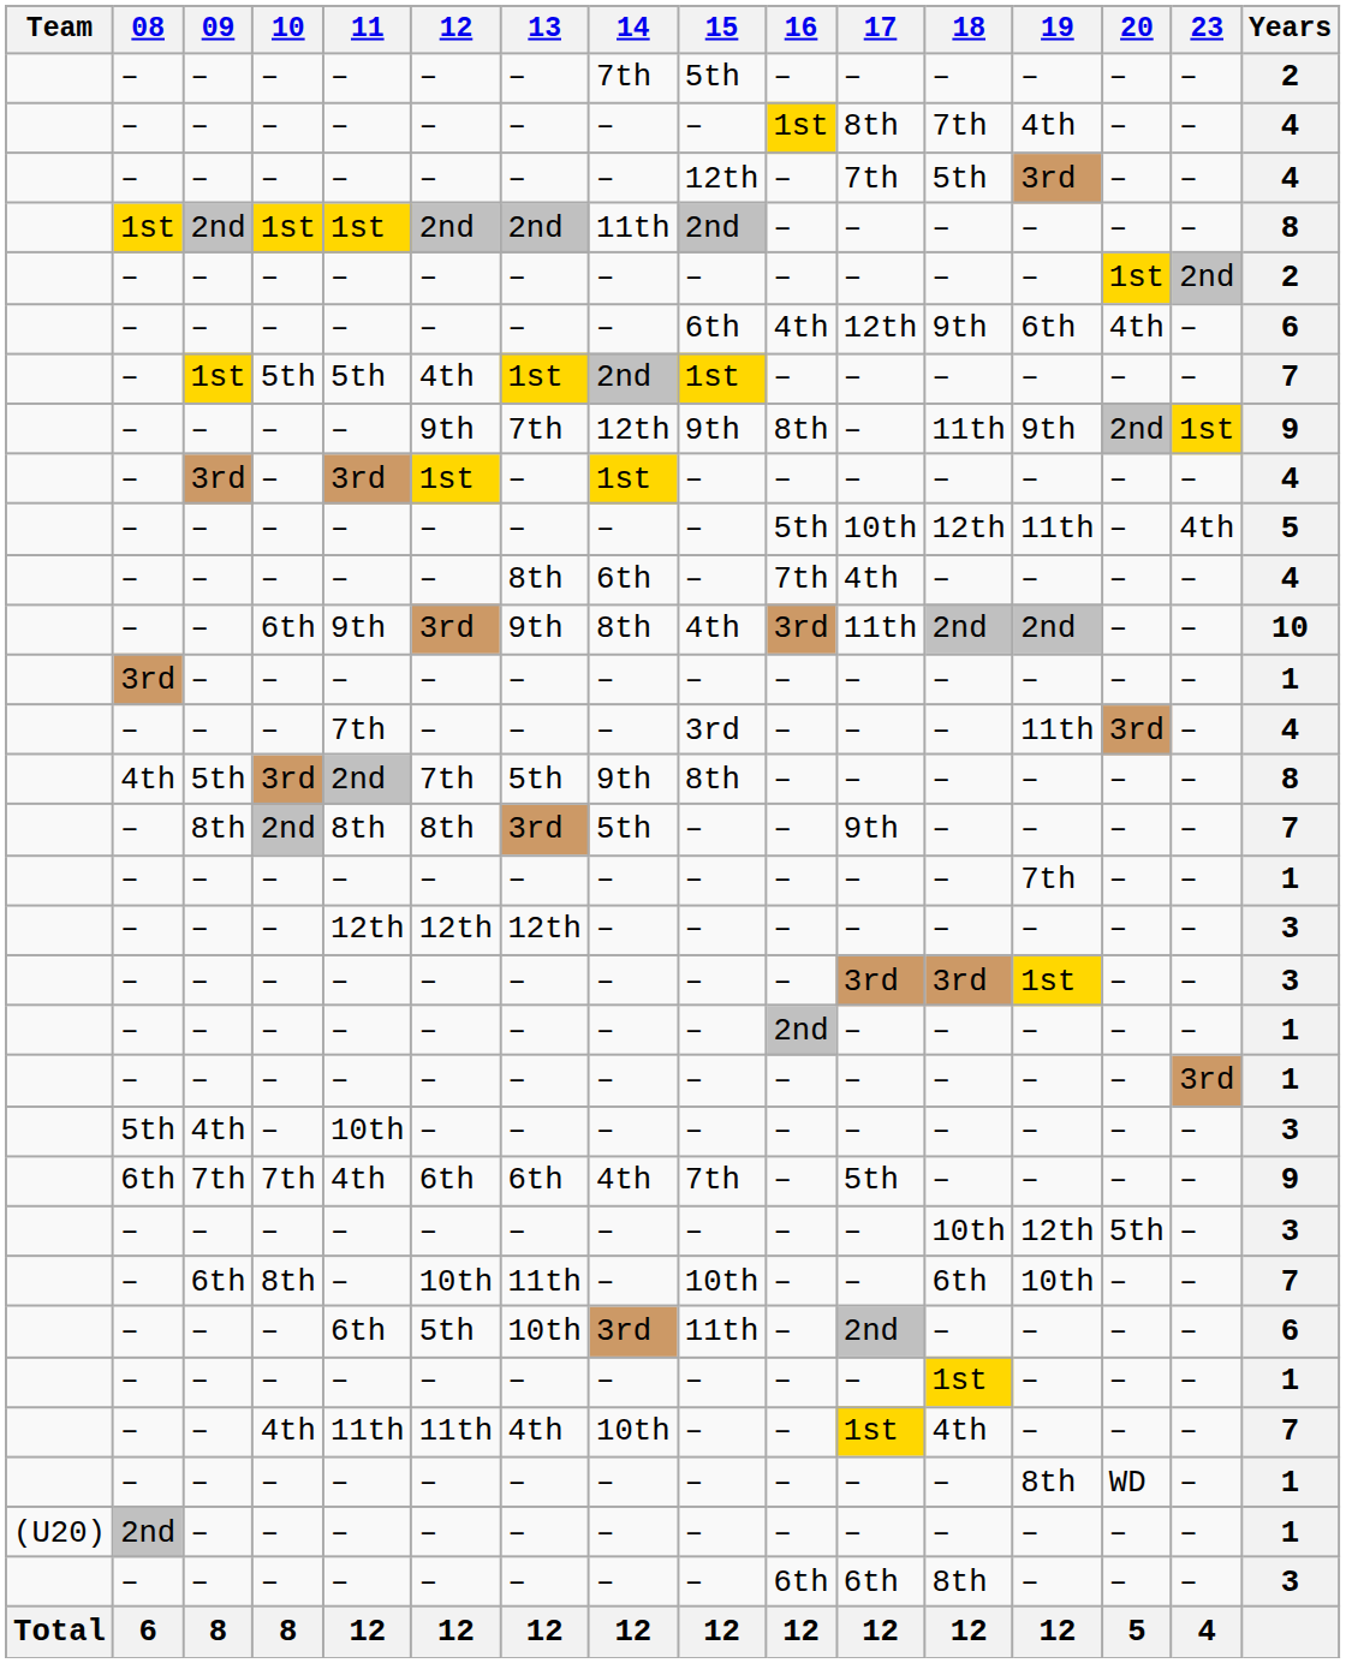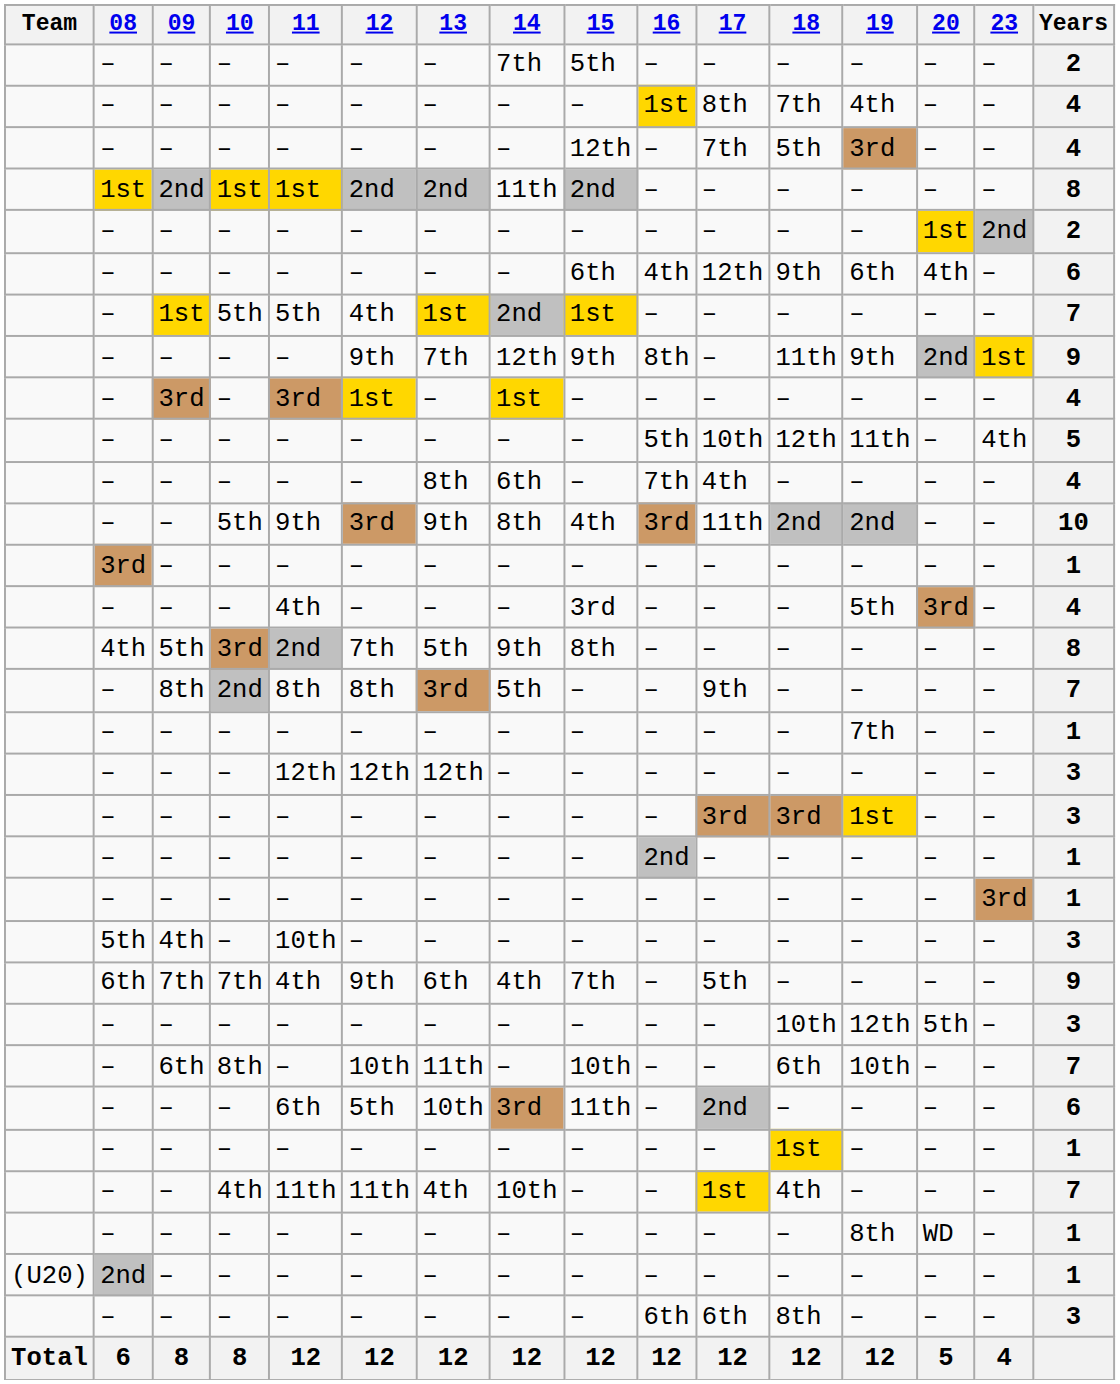 <table class="wikitable sortable">
 <tr style="font-size:90%;">
 <th>Team</th>
 <th><a href='#'>08</a></th>
 <th><a href='#'>09</a></th>
 <th><a href='#'>10</a></th>
 <th><a href='#'>11</a></th>
 <th><a href='#'>12</a></th>
 <th><a href='#'>13</a></th>
 <th><a href='#'>14</a></th>
 <th><a href='#'>15</a></th>
 <th><a href='#'>16</a></th>
 <th><a href='#'>17</a></th>
 <th><a href='#'>18</a></th>
 <th><a href='#'>19</a></th>
 <th><a href='#'>20</a></th>
 <th><a href='#'>23</a></th>
 <th>Years</th>
 </tr>
 <tr>
 <td></td>
 <td>–</td>
 <td>–</td>
 <td>–</td>
 <td>–</td>
 <td>–</td>
 <td>–</td>
 <td>7th</td>
 <td>5th</td>
 <td>–</td>
 <td>–</td>
 <td>–</td>
 <td>–</td>
 <td>–</td>
 <td>–</td>
 <th>2</th>
 </tr>
 <tr>
 <td></td>
 <td>–</td>
 <td>–</td>
 <td>–</td>
 <td>–</td>
 <td>–</td>
 <td>–</td>
 <td>–</td>
 <td>–</td>
 <td bgcolor=gold>1st</td>
 <td>8th</td>
 <td>7th</td>
 <td>4th</td>
 <td>–</td>
 <td>–</td>
 <th>4</th>
 </tr>
 <tr>
 <td></td>
 <td>–</td>
 <td>–</td>
 <td>–</td>
 <td>–</td>
 <td>–</td>
 <td>–</td>
 <td>–</td>
 <td>12th</td>
 <td>–</td>
 <td>7th</td>
 <td>5th</td>
 <td bgcolor=#cc9966>3rd</td>
 <td>–</td>
 <td>–</td>
 <th>4</th>
 </tr>
 <tr>
 <td></td>
 <td bgcolor=gold>1st</td>
 <td bgcolor=silver>2nd</td>
 <td bgcolor=gold>1st</td>
 <td bgcolor=gold>1st</td>
 <td bgcolor=silver>2nd</td>
 <td bgcolor=silver>2nd</td>
 <td>11th</td>
 <td bgcolor=silver>2nd</td>
 <td>–</td>
 <td>–</td>
 <td>–</td>
 <td>–</td>
 <td>–</td>
 <td>–</td>
 <th>8</th>
 </tr>
 <tr>
 <td></td>
 <td>–</td>
 <td>–</td>
 <td>–</td>
 <td>–</td>
 <td>–</td>
 <td>–</td>
 <td>–</td>
 <td>–</td>
 <td>–</td>
 <td>–</td>
 <td>–</td>
 <td>–</td>
 <td bgcolor=gold>1st</td>
 <td bgcolor=silver>2nd</td>
 <th>2</th>
 </tr>
 <tr>
 <td></td>
 <td>–</td>
 <td>–</td>
 <td>–</td>
 <td>–</td>
 <td>–</td>
 <td>–</td>
 <td>–</td>
 <td>6th</td>
 <td>4th</td>
 <td>12th</td>
 <td>9th</td>
 <td>6th</td>
 <td>4th</td>
 <td>–</td>
 <th>6</th>
 </tr>
 <tr>
 <td></td>
 <td>–</td>
 <td bgcolor=gold>1st</td>
 <td>5th</td>
 <td>5th</td>
 <td>4th</td>
 <td bgcolor=gold>1st</td>
 <td bgcolor=silver>2nd</td>
 <td bgcolor=gold>1st</td>
 <td>–</td>
 <td>–</td>
 <td>–</td>
 <td>–</td>
 <td>–</td>
 <td>–</td>
 <th>7</th>
 </tr>
 <tr>
 <td></td>
 <td>–</td>
 <td>–</td>
 <td>–</td>
 <td>–</td>
 <td>9th</td>
 <td>7th</td>
 <td>12th</td>
 <td>9th</td>
 <td>8th</td>
 <td>–</td>
 <td>11th</td>
 <td>9th</td>
 <td bgcolor=silver>2nd</td>
 <td bgcolor=gold>1st</td>
 <th>9</th>
 </tr>
 <tr>
 <td></td>
 <td>–</td>
 <td bgcolor=#cc9966>3rd</td>
 <td>–</td>
 <td bgcolor=#cc9966>3rd</td>
 <td bgcolor=gold>1st</td>
 <td>–</td>
 <td bgcolor=gold>1st</td>
 <td>–</td>
 <td>–</td>
 <td>–</td>
 <td>–</td>
 <td>–</td>
 <td>–</td>
 <td>–</td>
 <th>4</th>
 </tr>
 <tr>
 <td></td>
 <td>–</td>
 <td>–</td>
 <td>–</td>
 <td>–</td>
 <td>–</td>
 <td>–</td>
 <td>–</td>
 <td>–</td>
 <td>5th</td>
 <td>10th</td>
 <td>12th</td>
 <td>11th</td>
 <td>–</td>
 <td>4th</td>
 <th>5</th>
 </tr>
 <tr>
 <td></td>
 <td>–</td>
 <td>–</td>
 <td>–</td>
 <td>–</td>
 <td>–</td>
 <td>8th</td>
 <td>6th</td>
 <td>–</td>
 <td>7th</td>
 <td>4th</td>
 <td>–</td>
 <td>–</td>
 <td>–</td>
 <td>–</td>
 <th>4</th>
 </tr>
 <tr>
 <td></td>
 <td>–</td>
 <td>–</td>
-<td>6th</td>
+<td>5th</td>
 <td>9th</td>
 <td bgcolor=#cc9966>3rd</td>
 <td>9th</td>
 <td>8th</td>
 <td>4th</td>
 <td bgcolor=#cc9966>3rd</td>
 <td>11th</td>
 <td bgcolor=silver>2nd</td>
 <td bgcolor=silver>2nd</td>
 <td>–</td>
 <td>–</td>
 <th>10</th>
 </tr>
 <tr>
 <td></td>
 <td bgcolor=#cc9966>3rd</td>
 <td>–</td>
 <td>–</td>
 <td>–</td>
 <td>–</td>
 <td>–</td>
 <td>–</td>
 <td>–</td>
 <td>–</td>
 <td>–</td>
 <td>–</td>
 <td>–</td>
 <td>–</td>
 <td>–</td>
 <th>1</th>
 </tr>
 <tr>
 <td></td>
 <td>–</td>
 <td>–</td>
 <td>–</td>
-<td>7th</td>
+<td>4th</td>
 <td>–</td>
 <td>–</td>
 <td>–</td>
 <td>3rd</td>
 <td>–</td>
 <td>–</td>
 <td>–</td>
-<td>11th</td>
+<td>5th</td>
 <td bgcolor=#cc9966>3rd</td>
 <td>–</td>
 <th>4</th>
 </tr>
 <tr>
 <td></td>
 <td>4th</td>
 <td>5th</td>
 <td bgcolor=#cc9966>3rd</td>
 <td bgcolor=silver>2nd</td>
 <td>7th</td>
 <td>5th</td>
 <td>9th</td>
 <td>8th</td>
 <td>–</td>
 <td>–</td>
 <td>–</td>
 <td>–</td>
 <td>–</td>
 <td>–</td>
 <th>8</th>
 </tr>
 <tr>
 <td></td>
 <td>–</td>
 <td>8th</td>
 <td bgcolor=silver>2nd</td>
 <td>8th</td>
 <td>8th</td>
 <td bgcolor=#cc9966>3rd</td>
 <td>5th</td>
 <td>–</td>
 <td>–</td>
 <td>9th</td>
 <td>–</td>
 <td>–</td>
 <td>–</td>
 <td>–</td>
 <th>7</th>
 </tr>
 <tr>
 <td></td>
 <td>–</td>
 <td>–</td>
 <td>–</td>
 <td>–</td>
 <td>–</td>
 <td>–</td>
 <td>–</td>
 <td>–</td>
 <td>–</td>
 <td>–</td>
 <td>–</td>
 <td>7th</td>
 <td>–</td>
 <td>–</td>
 <th>1</th>
 </tr>
 <tr>
 <td></td>
 <td>–</td>
 <td>–</td>
 <td>–</td>
 <td>12th</td>
 <td>12th</td>
 <td>12th</td>
 <td>–</td>
 <td>–</td>
 <td>–</td>
 <td>–</td>
 <td>–</td>
 <td>–</td>
 <td>–</td>
 <td>–</td>
 <th>3</th>
 </tr>
 <tr>
 <td></td>
 <td>–</td>
 <td>–</td>
 <td>–</td>
 <td>–</td>
 <td>–</td>
 <td>–</td>
 <td>–</td>
 <td>–</td>
 <td>–</td>
 <td bgcolor=#cc9966>3rd</td>
 <td bgcolor=#cc9966>3rd</td>
 <td bgcolor=gold>1st</td>
 <td>–</td>
 <td>–</td>
 <th>3</th>
 </tr>
 <tr>
 <td></td>
 <td>–</td>
 <td>–</td>
 <td>–</td>
 <td>–</td>
 <td>–</td>
 <td>–</td>
 <td>–</td>
 <td>–</td>
 <td bgcolor=silver>2nd</td>
 <td>–</td>
 <td>–</td>
 <td>–</td>
 <td>–</td>
 <td>–</td>
 <th>1</th>
 </tr>
 <tr>
 <td></td>
 <td>–</td>
 <td>–</td>
 <td>–</td>
 <td>–</td>
 <td>–</td>
 <td>–</td>
 <td>–</td>
 <td>–</td>
 <td>–</td>
 <td>–</td>
 <td>–</td>
 <td>–</td>
 <td>–</td>
 <td bgcolor=#cc9966>3rd</td>
 <th>1</th>
 </tr>
 <tr>
 <td></td>
 <td>5th</td>
 <td>4th</td>
 <td>–</td>
 <td>10th</td>
 <td>–</td>
 <td>–</td>
 <td>–</td>
 <td>–</td>
 <td>–</td>
 <td>–</td>
 <td>–</td>
 <td>–</td>
 <td>–</td>
 <td>–</td>
 <th>3</th>
 </tr>
 <tr>
 <td></td>
 <td>6th</td>
 <td>7th</td>
 <td>7th</td>
 <td>4th</td>
-<td>6th</td>
+<td>9th</td>
 <td>6th</td>
 <td>4th</td>
 <td>7th</td>
 <td>–</td>
 <td>5th</td>
 <td>–</td>
 <td>–</td>
 <td>–</td>
 <td>–</td>
 <th>9</th>
 </tr>
 <tr>
 <td></td>
 <td>–</td>
 <td>–</td>
 <td>–</td>
 <td>–</td>
 <td>–</td>
 <td>–</td>
 <td>–</td>
 <td>–</td>
 <td>–</td>
 <td>–</td>
 <td>10th</td>
 <td>12th</td>
 <td>5th</td>
 <td>–</td>
 <th>3</th>
 </tr>
 <tr>
 <td></td>
 <td>–</td>
 <td>6th</td>
 <td>8th</td>
 <td>–</td>
 <td>10th</td>
 <td>11th</td>
 <td>–</td>
 <td>10th</td>
 <td>–</td>
 <td>–</td>
 <td>6th</td>
 <td>10th</td>
 <td>–</td>
 <td>–</td>
 <th>7</th>
 </tr>
 <tr>
 <td></td>
 <td>–</td>
 <td>–</td>
 <td>–</td>
 <td>6th</td>
 <td>5th</td>
 <td>10th</td>
 <td bgcolor=#cc9966>3rd</td>
 <td>11th</td>
 <td>–</td>
 <td bgcolor=silver>2nd</td>
 <td>–</td>
 <td>–</td>
 <td>–</td>
 <td>–</td>
 <th>6</th>
 </tr>
 <tr>
 <td></td>
 <td>–</td>
 <td>–</td>
 <td>–</td>
 <td>–</td>
 <td>–</td>
 <td>–</td>
 <td>–</td>
 <td>–</td>
 <td>–</td>
 <td>–</td>
 <td bgcolor=gold>1st</td>
 <td>–</td>
 <td>–</td>
 <td>–</td>
 <th>1</th>
 </tr>
 <tr>
 <td></td>
 <td>–</td>
 <td>–</td>
 <td>4th</td>
 <td>11th</td>
 <td>11th</td>
 <td>4th</td>
 <td>10th</td>
 <td>–</td>
 <td>–</td>
 <td bgcolor=gold>1st</td>
 <td>4th</td>
 <td>–</td>
 <td>–</td>
 <td>–</td>
 <th>7</th>
 </tr>
 <tr>
 <td></td>
 <td>–</td>
 <td>–</td>
 <td>–</td>
 <td>–</td>
 <td>–</td>
 <td>–</td>
 <td>–</td>
 <td>–</td>
 <td>–</td>
 <td>–</td>
 <td>–</td>
 <td>8th</td>
 <td>WD</td>
 <td>–</td>
 <th>1</th>
 </tr>
 <tr>
 <td> (U20)</td>
 <td bgcolor=silver>2nd</td>
 <td>–</td>
 <td>–</td>
 <td>–</td>
 <td>–</td>
 <td>–</td>
 <td>–</td>
 <td>–</td>
 <td>–</td>
 <td>–</td>
 <td>–</td>
 <td>–</td>
 <td>–</td>
 <td>–</td>
 <th>1</th>
 </tr>
 <tr>
 <td></td>
 <td>–</td>
 <td>–</td>
 <td>–</td>
 <td>–</td>
 <td>–</td>
 <td>–</td>
 <td>–</td>
 <td>–</td>
 <td>6th</td>
 <td>6th</td>
 <td>8th</td>
 <td>–</td>
 <td>–</td>
 <td>–</td>
 <th>3</th>
 </tr>
 <tr>
 <th align=center>Total</th>
 <th>6</th>
 <th>8</th>
 <th>8</th>
 <th>12</th>
 <th>12</th>
 <th>12</th>
 <th>12</th>
 <th>12</th>
 <th>12</th>
 <th>12</th>
 <th>12</th>
 <th>12</th>
 <th>5</th>
 <th>4</th>
 <th></th>
 </tr>
 </table>
